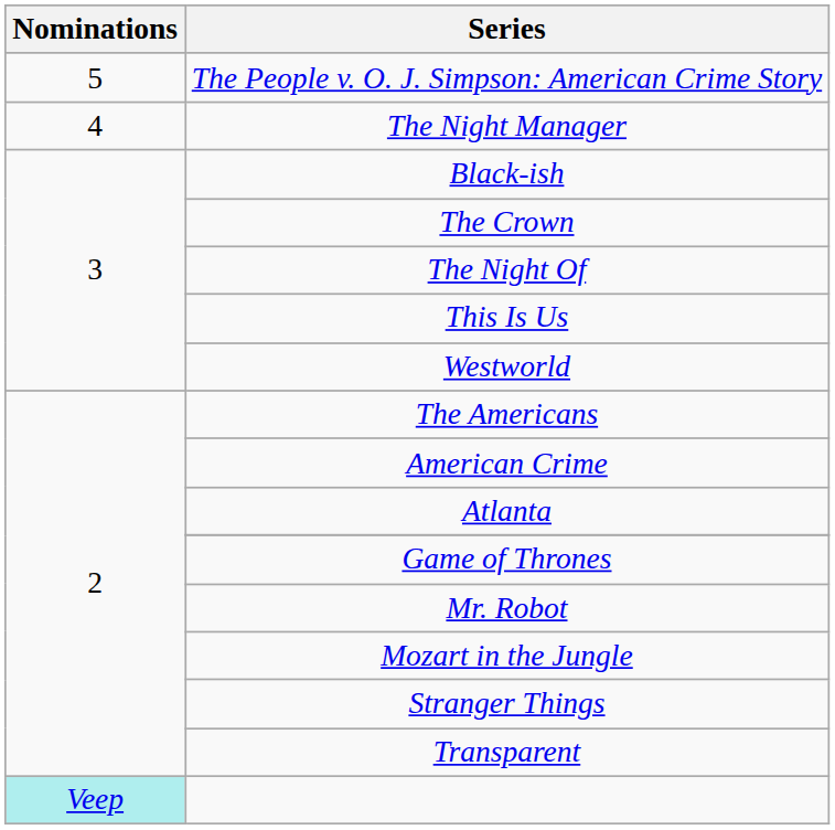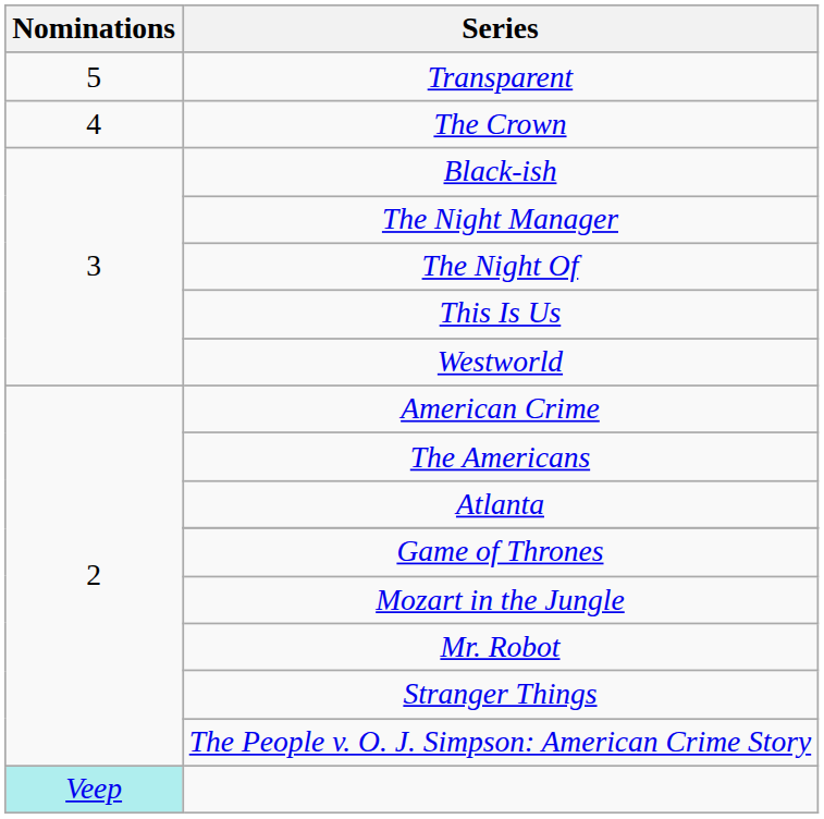 <table class="wikitable" style="text-align: center">
 <tr>
 <th scope="col" width="55">Nominations</th>
 <th scope="col" align="center">Series</th>
 </tr>
 <tr>
 <td style="text-align:center">5</td>
-<td><em><a href='#'>The People v. O. J. Simpson: American Crime Story</a></em></td>
+<td><em><a href='#'>Transparent</a></em></td>
 </tr>
 <tr>
 <td style="text-align:center">4</td>
-<td><em><a href='#'>The Night Manager</a></em></td>
+<td><em><a href='#'>The Crown</a></em></td>
 </tr>
 <tr>
 <td rowspan=5 style="text-align:center">3</td>
 <td><em><a href='#'>Black-ish</a></em></td>
 </tr>
 <tr>
-<td><em><a href='#'>The Crown</a></em></td>
+<td><em><a href='#'>The Night Manager</a></em></td>
 </tr>
 <tr>
 <td><em><a href='#'>The Night Of</a></em></td>
 </tr>
 <tr>
 <td><em><a href='#'>This Is Us</a></em></td>
 </tr>
 <tr>
 <td><em><a href='#'>Westworld</a></em></td>
 </tr>
 <tr>
 <td rowspan=9 style="text-align:center">2</td>
-<td><em><a href='#'>The Americans</a></em></td>
+<td><em><a href='#'>American Crime</a></em></td>
 </tr>
 <tr>
-<td><em><a href='#'>American Crime</a></em></td>
+<td><em><a href='#'>The Americans</a></em></td>
 </tr>
 <tr>
 <td><em><a href='#'>Atlanta</a></em></td>
 </tr>
 <tr>
 </tr>
 <tr>
 <td><em><a href='#'>Game of Thrones</a></em></td>
 </tr>
 <tr>
-<td><em><a href='#'>Mr. Robot</a></em></td>
+<td><em><a href='#'>Mozart in the Jungle</a></em></td>
 </tr>
 <tr>
-<td><em><a href='#'>Mozart in the Jungle</a></em></td>
+<td><em><a href='#'>Mr. Robot</a></em></td>
 </tr>
 <tr>
 <td><em><a href='#'>Stranger Things</a></em></td>
 </tr>
 <tr>
-<td><em><a href='#'>Transparent</a></em></td>
+<td><em><a href='#'>The People v. O. J. Simpson: American Crime Story</a></em></td>
 </tr>
 <tr>
 <td style="background: paleturquoise;"><em><a href='#'>Veep</a></em></td>
 </tr>
 </table>
